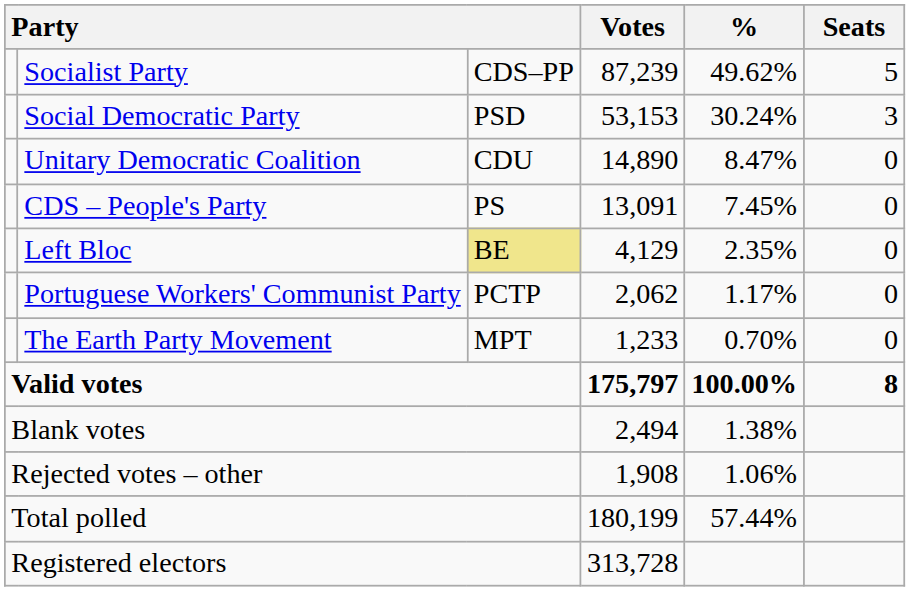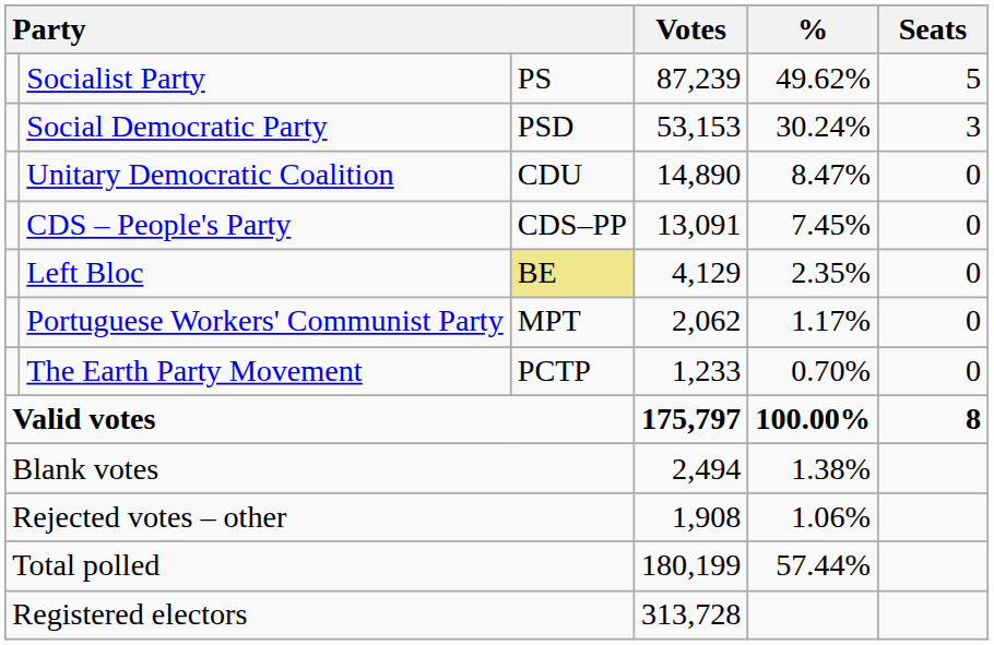 <table class="wikitable" border="1" style="text-align:right;">
 <tr>
 <th style="text-align:left;" colspan=3>Party</th>
 <th align=center width="50">Votes</th>
 <th align=center width="50">%</th>
 <th align=center width="50">Seats</th>
 </tr>
 <tr>
 <td></td>
 <td align=left><a href='#'>Socialist Party</a></td>
-<td align=left style="white-space: nowrap;">CDS–PP</td>
+<td align=left>PS</td>
 <td>87,239</td>
 <td>49.62%</td>
 <td>5</td>
 </tr>
 <tr>
 <td></td>
 <td align=left><a href='#'>Social Democratic Party</a></td>
 <td align=left>PSD</td>
 <td>53,153</td>
 <td>30.24%</td>
 <td>3</td>
 </tr>
 <tr>
 <td></td>
 <td align=left style="white-space: nowrap;"><a href='#'>Unitary Democratic Coalition</a></td>
 <td align=left>CDU</td>
 <td>14,890</td>
 <td>8.47%</td>
 <td>0</td>
 </tr>
 <tr>
 <td></td>
 <td align=left><a href='#'>CDS – People's Party</a></td>
-<td align=left>PS</td>
+<td align=left style="white-space: nowrap;">CDS–PP</td>
 <td>13,091</td>
 <td>7.45%</td>
 <td>0</td>
 </tr>
 <tr>
 <td></td>
 <td align=left><a href='#'>Left Bloc</a></td>
 <td align=left style="background: khaki;">BE</td>
 <td>4,129</td>
 <td>2.35%</td>
 <td>0</td>
 </tr>
 <tr>
 <td></td>
 <td align=left><a href='#'>Portuguese Workers' Communist Party</a></td>
-<td align=left>PCTP</td>
+<td align=left>MPT</td>
 <td>2,062</td>
 <td>1.17%</td>
 <td>0</td>
 </tr>
 <tr>
 <td></td>
 <td align=left><a href='#'>The Earth Party Movement</a></td>
-<td align=left>MPT</td>
+<td align=left>PCTP</td>
 <td>1,233</td>
 <td>0.70%</td>
 <td>0</td>
 </tr>
 <tr style="font-weight:bold">
 <td align=left colspan=3>Valid votes</td>
 <td>175,797</td>
 <td>100.00%</td>
 <td>8</td>
 </tr>
 <tr>
 <td align=left colspan=3>Blank votes</td>
 <td>2,494</td>
 <td>1.38%</td>
 <td></td>
 </tr>
 <tr>
 <td align=left colspan=3>Rejected votes – other</td>
 <td>1,908</td>
 <td>1.06%</td>
 <td></td>
 </tr>
 <tr>
 <td align=left colspan=3>Total polled</td>
 <td>180,199</td>
 <td>57.44%</td>
 <td></td>
 </tr>
 <tr>
 <td align=left colspan=3>Registered electors</td>
 <td>313,728</td>
 <td></td>
 <td></td>
 </tr>
 </table>
